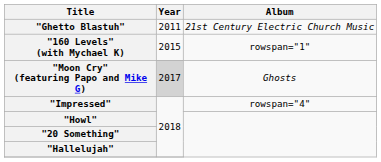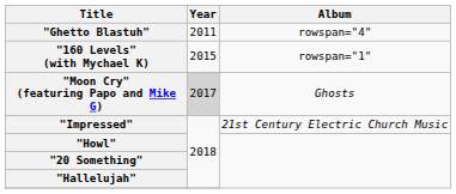 <table class="wikitable plainrowheaders" style="text-align:center;">
 <tr>
 <th scope="col" style="width:16em;">Title</th>
 <th scope="col">Year</th>
 <th scope="col">Album</th>
 </tr>
 <tr>
 <th scope="row">"Ghetto Blastuh"</th>
 <td rowspan="1">2011</td>
-<td><em>21st Century Electric Church Music</em></td>
+<td>rowspan="4" </td>
 </tr>
 <tr>
 <th scope="row">"160 Levels"<br><span>(with Mychael K)</span></th>
 <td rowspan="1">2015</td>
 <td>rowspan="1" </td>
 </tr>
 <tr>
 <th scope="row">"Moon Cry"<br><span>(featuring Papo and <a href='#'>Mike G</a>)</span></th>
 <td rowspan="1" style="background: lightgrey;">2017</td>
 <td><em>Ghosts</em></td>
 </tr>
 <tr>
 <th scope="row">"Impressed"</th>
 <td rowspan="4">2018</td>
-<td>rowspan="4" </td>
+<td><em>21st Century Electric Church Music</em></td>
 </tr>
 <tr>
 <th scope="row">"Howl"</th>
 </tr>
 <tr>
 <th scope="row">"20 Something"</th>
 </tr>
 <tr>
 <th scope="row">"Hallelujah"</th>
 </tr>
 <tr>
 </tr>
 </table>
